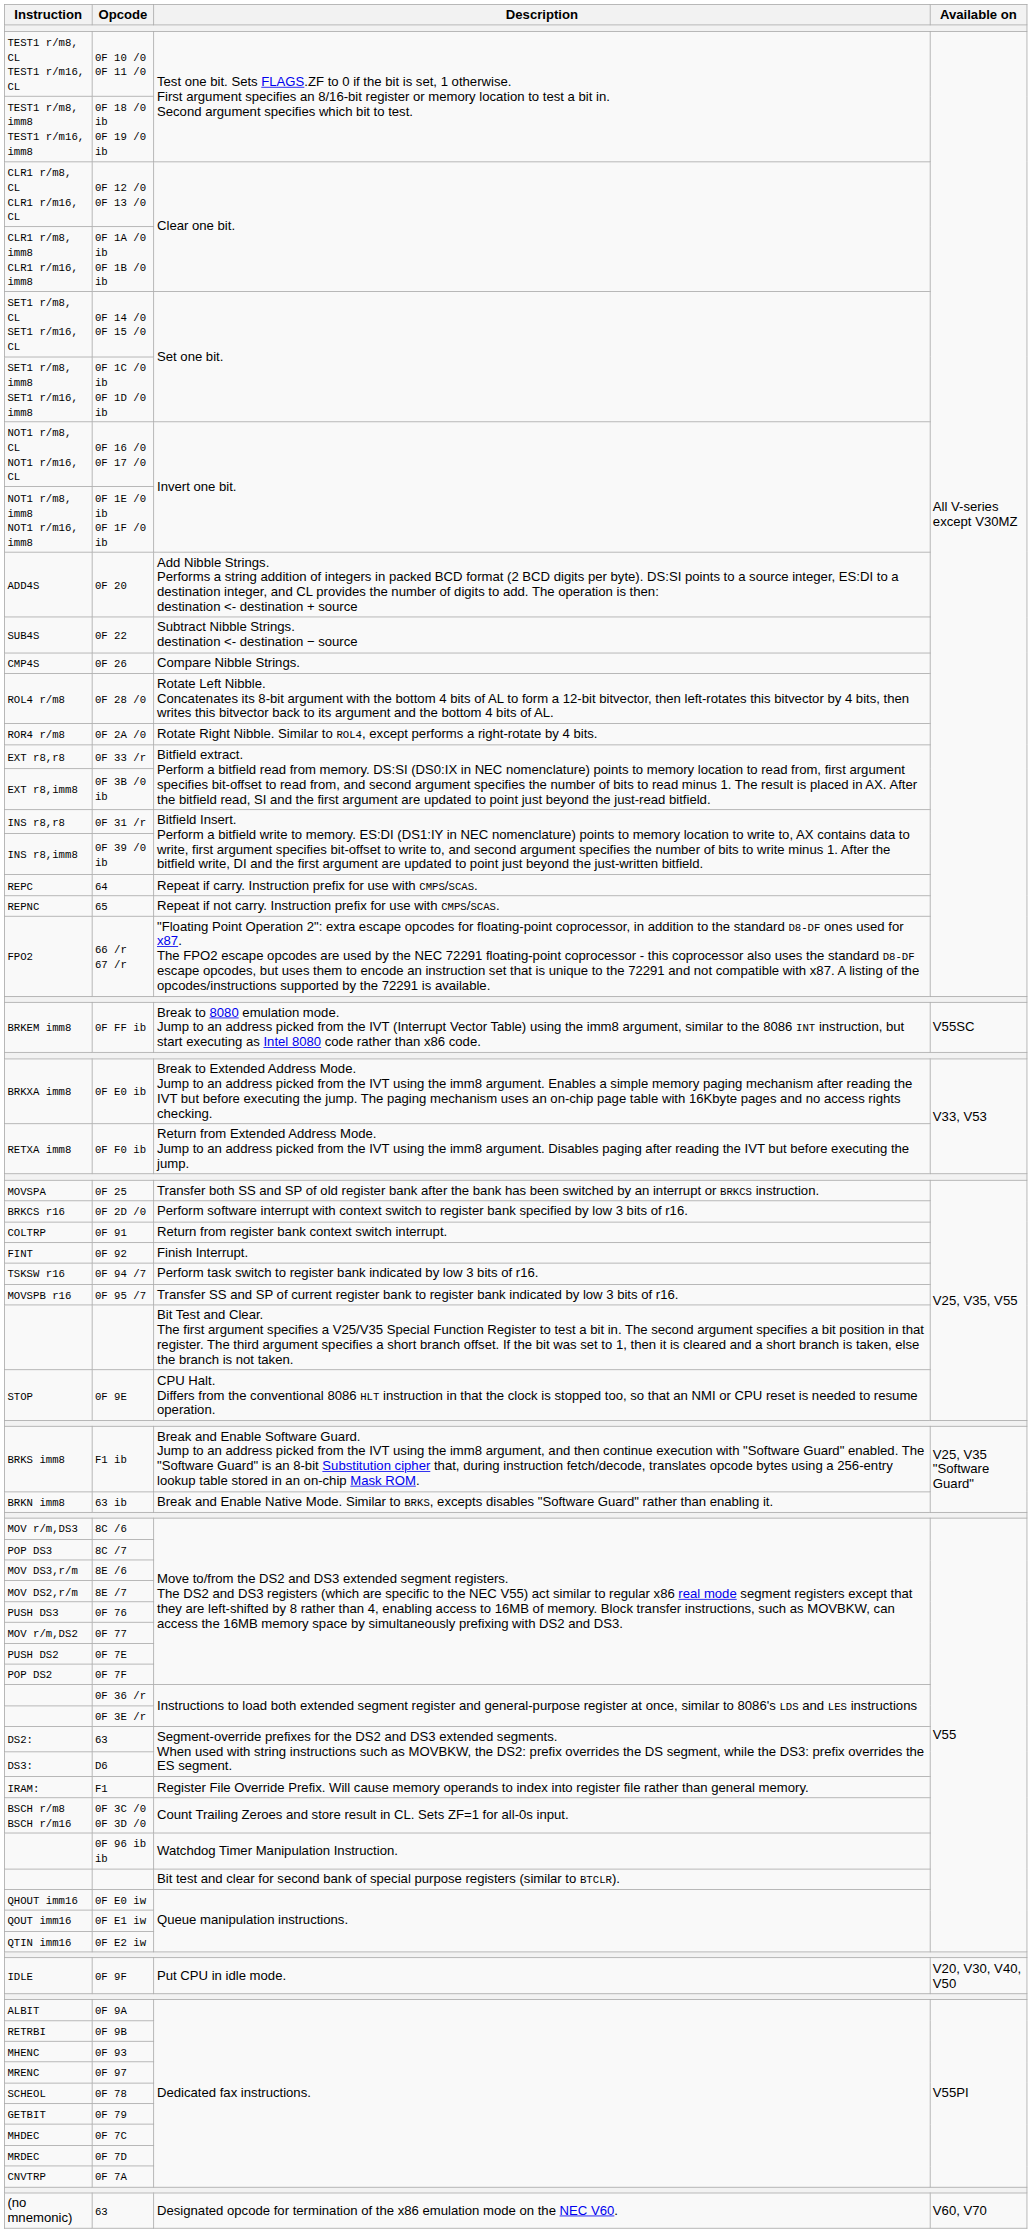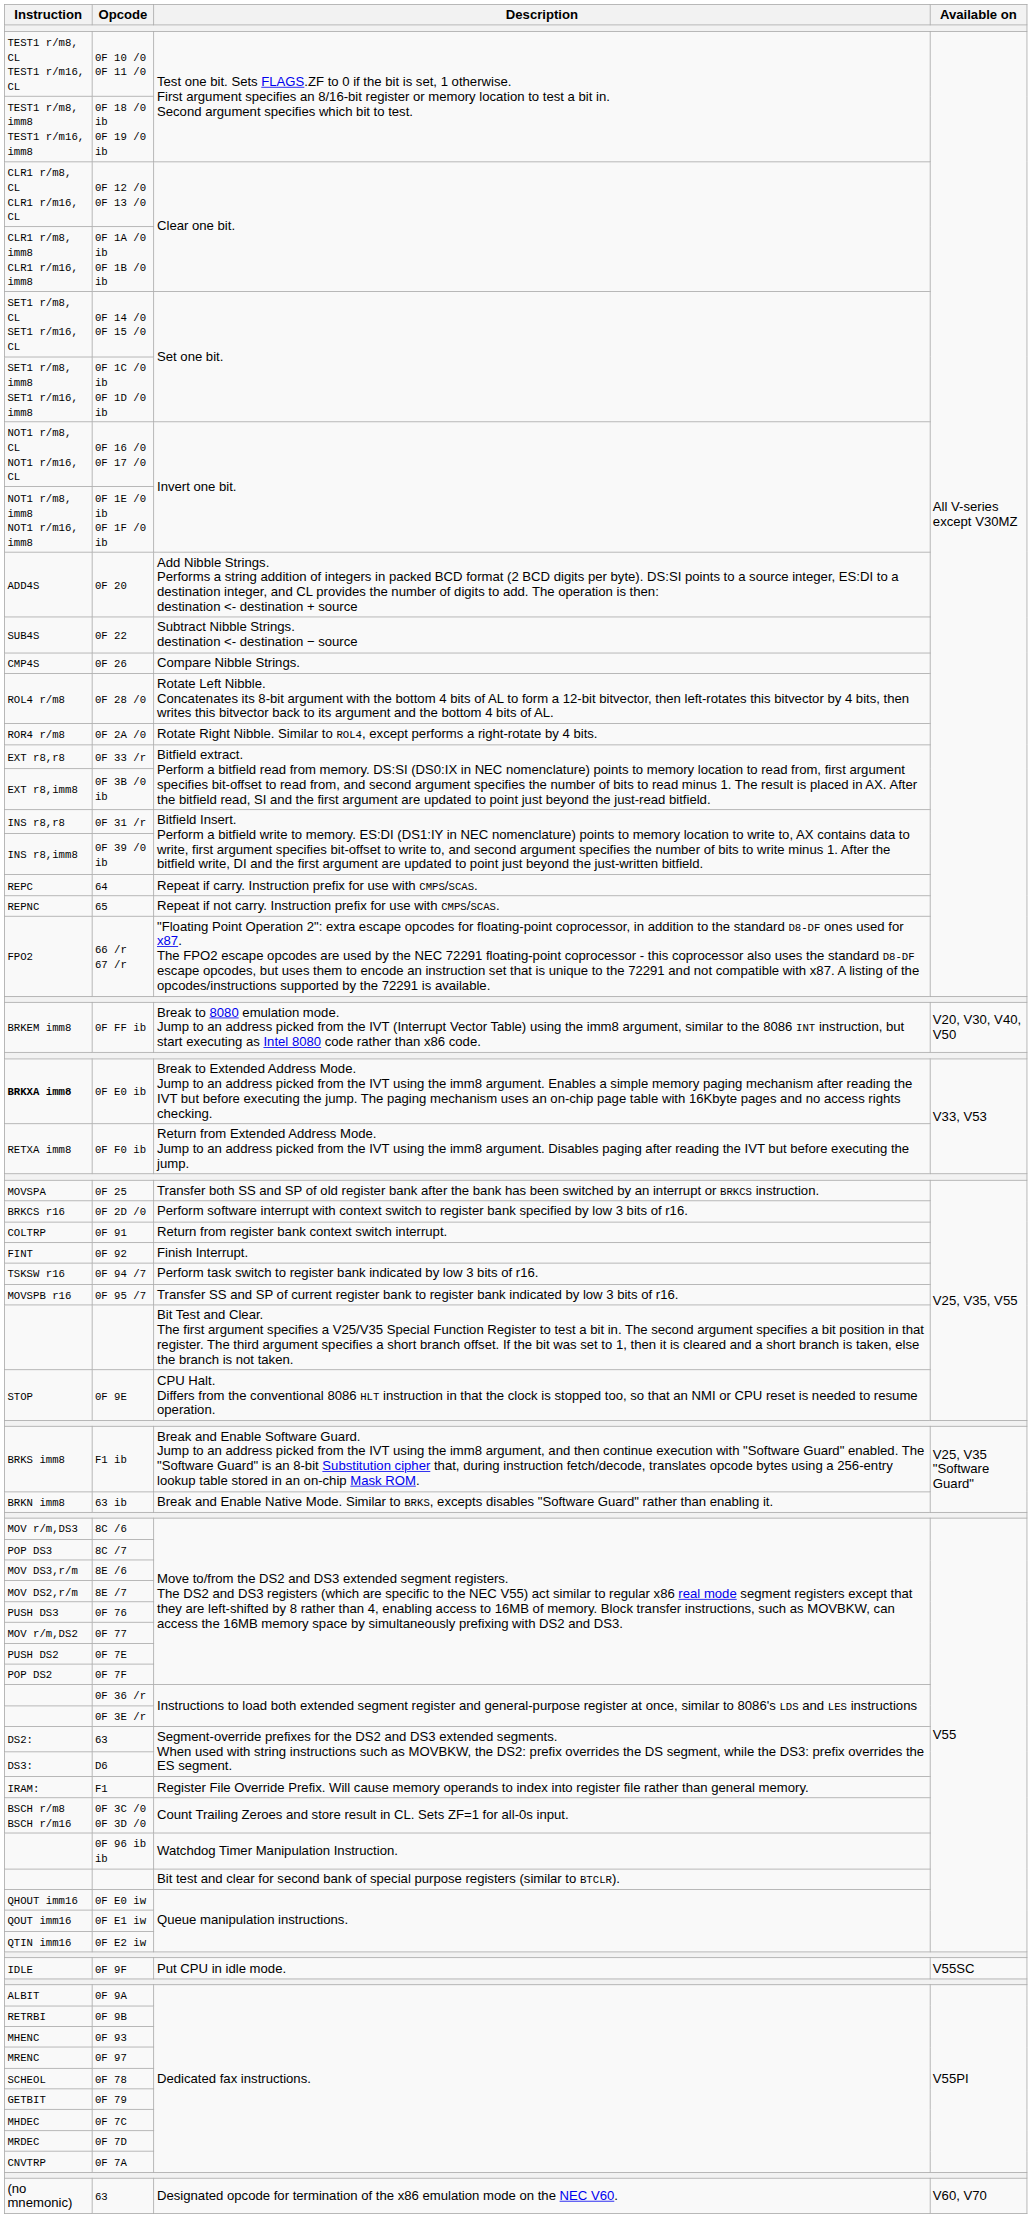 <table class="wikitable sticky-header">
 <tr>
 <th>Instruction</th>
 <th>Opcode</th>
 <th>Description</th>
 <th>Available on</th>
 </tr>
 <tr>
 <th colspan="4"></th>
 </tr>
 <tr>
 <td><code>TEST1 r/m8, CL</code><br><code>TEST1 r/m16, CL</code></td>
 <td><code>0F 10 /0</code><br><code>0F 11 /0</code></td>
 <td rowspan="2">Test one bit. Sets <a href='#'>FLAGS</a>.ZF to 0 if the bit is set, 1 otherwise.<br>First argument specifies an 8/16-bit register or memory location to test a bit in.<br>Second argument specifies which bit to test.</td>
 <td rowspan="20">All V-series except V30MZ</td>
 </tr>
 <tr>
 <td><code>TEST1 r/m8, imm8</code><br><code>TEST1 r/m16, imm8</code></td>
 <td><code>0F 18 /0 ib</code><br><code>0F 19 /0 ib</code></td>
 </tr>
 <tr>
 <td><code>CLR1 r/m8, CL</code><br><code>CLR1 r/m16, CL</code></td>
 <td><code>0F 12 /0</code><br><code>0F 13 /0</code></td>
 <td rowspan="2">Clear one bit.</td>
 </tr>
 <tr>
 <td><code>CLR1 r/m8, imm8</code><br><code>CLR1 r/m16, imm8</code></td>
 <td><code>0F 1A /0 ib</code><br><code>0F 1B /0 ib</code></td>
 </tr>
 <tr>
 <td><code>SET1 r/m8, CL</code><br><code>SET1 r/m16, CL</code></td>
 <td><code>0F 14 /0</code><br><code>0F 15 /0</code></td>
 <td rowspan="2">Set one bit.</td>
 </tr>
 <tr>
 <td><code>SET1 r/m8, imm8</code><br><code>SET1 r/m16, imm8</code></td>
 <td><code>0F 1C /0 ib</code><br><code>0F 1D /0 ib</code></td>
 </tr>
 <tr>
 <td><code>NOT1 r/m8, CL</code><br><code>NOT1 r/m16, CL</code></td>
 <td><code>0F 16 /0</code><br><code>0F 17 /0</code></td>
 <td rowspan="2">Invert one bit.</td>
 </tr>
 <tr>
 <td><code>NOT1 r/m8, imm8</code><br><code>NOT1 r/m16, imm8</code></td>
 <td><code>0F 1E /0 ib</code><br><code>0F 1F /0 ib</code></td>
 </tr>
 <tr>
 <td><code>ADD4S</code></td>
 <td><code>0F 20</code></td>
 <td>Add Nibble Strings.<br>Performs a string addition of integers in packed BCD format (2 BCD digits per byte). DS:SI points to a source integer, ES:DI to a destination integer, and CL provides the number of digits to add. The operation is then:<br>destination <- destination + source</td>
 </tr>
 <tr>
 <td><code>SUB4S</code></td>
 <td><code>0F 22</code></td>
 <td>Subtract Nibble Strings.<br>destination <- destination − source</td>
 </tr>
 <tr>
 <td><code>CMP4S</code></td>
 <td><code>0F 26</code></td>
 <td>Compare Nibble Strings.</td>
 </tr>
 <tr>
 <td><code>ROL4 r/m8</code></td>
 <td><code>0F 28 /0</code></td>
 <td>Rotate Left Nibble.<br>Concatenates its 8-bit argument with the bottom 4 bits of AL to form a 12-bit bitvector, then left-rotates this bitvector by 4 bits, then writes this bitvector back to its argument and the bottom 4 bits of AL.</td>
 </tr>
 <tr>
 <td><code>ROR4 r/m8</code></td>
 <td><code>0F 2A /0</code></td>
 <td>Rotate Right Nibble. Similar to <code>ROL4</code>, except performs a right-rotate by 4 bits.</td>
 </tr>
 <tr>
 <td><code>EXT r8,r8</code></td>
 <td><code>0F 33 /r</code></td>
 <td rowspan="2">Bitfield extract.<br>Perform a bitfield read from memory. DS:SI (DS0:IX in NEC nomenclature) points to memory location to read from, first argument specifies bit-offset to read from, and second argument specifies the number of bits to read minus 1. The result is placed in AX. After the bitfield read, SI and the first argument are updated to point just beyond the just-read bitfield.</td>
 </tr>
 <tr>
 <td><code>EXT r8,imm8</code></td>
 <td><code>0F 3B /0 ib</code></td>
 </tr>
 <tr>
 <td><code>INS r8,r8</code></td>
 <td><code>0F 31 /r</code></td>
 <td rowspan="2">Bitfield Insert.<br>Perform a bitfield write to memory. ES:DI (DS1:IY in NEC nomenclature) points to memory location to write to, AX contains data to write, first argument specifies bit-offset to write to, and second argument specifies the number of bits to write minus 1. After the bitfield write, DI and the first argument are updated to point just beyond the just-written bitfield.</td>
 </tr>
 <tr>
 <td><code>INS r8,imm8</code></td>
 <td><code>0F 39 /0 ib</code></td>
 </tr>
 <tr>
 <td><code>REPC</code></td>
 <td><code>64</code></td>
 <td>Repeat if carry. Instruction prefix for use with <code>CMPS</code>/<code>SCAS</code>.</td>
 </tr>
 <tr>
 <td><code>REPNC</code></td>
 <td><code>65</code></td>
 <td>Repeat if not carry. Instruction prefix for use with <code>CMPS</code>/<code>SCAS</code>.</td>
 </tr>
 <tr>
 <td><code>FPO2</code></td>
 <td><code>66 /r</code><br><code>67 /r</code></td>
 <td>"Floating Point Operation 2": extra escape opcodes for floating-point coprocessor, in addition to the standard <code>D8-DF</code> ones used for <a href='#'>x87</a>.<br>The FPO2 escape opcodes are used by the NEC 72291 floating-point coprocessor - this coprocessor also uses the standard <code>D8-DF</code> escape opcodes, but uses them to encode an instruction set that is unique to the 72291 and not compatible with x87. A listing of the opcodes/instructions supported by the 72291 is available.</td>
 </tr>
 <tr>
 <th colspan="4"></th>
 </tr>
 <tr>
 <td><code>BRKEM imm8</code></td>
 <td><code>0F FF ib</code></td>
 <td>Break to <a href='#'>8080</a> emulation mode.<br>Jump to an address picked from the IVT (Interrupt Vector Table) using the imm8 argument, similar to the 8086 <code>INT</code> instruction, but start executing as <a href='#'>Intel 8080</a> code rather than x86 code.</td>
-<td>V55SC</td>
+<td>V20, V30, V40, V50</td>
 </tr>
 <tr>
 <th colspan="4"></th>
 </tr>
 <tr>
-<td><code>BRKXA imm8</code></td>
+<td><strong><code>BRKXA imm8</code></strong></td>
 <td><code>0F E0 ib</code></td>
 <td>Break to Extended Address Mode.<br>Jump to an address picked from the IVT using the imm8 argument. Enables a simple memory paging mechanism after reading the IVT but before executing the jump. The paging mechanism uses an on-chip page table with 16Kbyte pages and no access rights checking.</td>
 <td rowspan="2">V33, V53</td>
 </tr>
 <tr>
 <td><code>RETXA imm8</code></td>
 <td><code>0F F0 ib</code></td>
 <td>Return from Extended Address Mode.<br>Jump to an address picked from the IVT using the imm8 argument. Disables paging after reading the IVT but before executing the jump.</td>
 </tr>
 <tr>
 <th colspan="4"></th>
 </tr>
 <tr>
 <td><code>MOVSPA</code></td>
 <td><code>0F 25</code></td>
 <td>Transfer both SS and SP of old register bank after the bank has been switched by an interrupt or <code>BRKCS</code> instruction.</td>
 <td rowspan="8">V25, V35, V55</td>
 </tr>
 <tr>
 <td><code>BRKCS r16</code></td>
 <td><code>0F 2D /0</code></td>
 <td>Perform software interrupt with context switch to register bank specified by low 3 bits of r16.</td>
 </tr>
 <tr>
 <td><code>COLTRP</code></td>
 <td><code>0F 91</code></td>
 <td>Return from register bank context switch interrupt.</td>
 </tr>
 <tr>
 <td><code>FINT</code></td>
 <td><code>0F 92</code></td>
 <td>Finish Interrupt.</td>
 </tr>
 <tr>
 <td><code>TSKSW r16</code></td>
 <td><code>0F 94 /7</code></td>
 <td>Perform task switch to register bank indicated by low 3 bits of r16.</td>
 </tr>
 <tr>
 <td><code>MOVSPB r16</code></td>
 <td><code>0F 95 /7</code></td>
 <td>Transfer SS and SP of current register bank to register bank indicated by low 3 bits of r16.</td>
 </tr>
 <tr>
 <td></td>
 <td></td>
 <td>Bit Test and Clear.<br>The first argument specifies a V25/V35 Special Function Register to test a bit in. The second argument specifies a bit position in that register. The third argument specifies a short branch offset. If the bit was set to 1, then it is cleared and a short branch is taken, else the branch is not taken.</td>
 </tr>
 <tr>
 <td><code>STOP</code></td>
 <td><code>0F 9E</code></td>
 <td>CPU Halt.<br>Differs from the conventional 8086 <code>HLT</code> instruction in that the clock is stopped too, so that an NMI or CPU reset is needed to resume operation.</td>
 </tr>
 <tr>
 <th colspan="4"></th>
 </tr>
 <tr>
 <td><code>BRKS imm8</code></td>
 <td><code>F1 ib</code></td>
 <td>Break and Enable Software Guard.<br>Jump to an address picked from the IVT using the imm8 argument, and then continue execution with "Software Guard" enabled. The "Software Guard" is an 8-bit <a href='#'>Substitution cipher</a> that, during instruction fetch/decode, translates opcode bytes using a 256-entry lookup table stored in an on-chip <a href='#'>Mask ROM</a>.</td>
 <td rowspan="2">V25, V35 "Software Guard"</td>
 </tr>
 <tr>
 <td><code>BRKN imm8</code></td>
 <td><code>63 ib</code></td>
 <td>Break and Enable Native Mode. Similar to <code>BRKS</code>, excepts disables "Software Guard" rather than enabling it.</td>
 </tr>
 <tr>
 <th colspan="4"></th>
 </tr>
 <tr>
 <td><code>MOV r/m,DS3</code></td>
 <td><code>8C /6</code></td>
 <td rowspan="8">Move to/from the DS2 and DS3 extended segment registers.<br>The DS2 and DS3 registers (which are specific to the NEC V55) act similar to regular x86 <a href='#'>real mode</a> segment registers except that they are left-shifted by 8 rather than 4, enabling access to 16MB of memory. Block transfer instructions, such as MOVBKW, can access the 16MB memory space by simultaneously prefixing with DS2 and DS3.</td>
 <td rowspan="19">V55</td>
 </tr>
 <tr>
 <td><code>POP DS3</code></td>
 <td><code>8C /7</code></td>
 </tr>
 <tr>
 <td><code>MOV DS3,r/m</code></td>
 <td><code>8E /6</code></td>
 </tr>
 <tr>
 <td><code>MOV DS2,r/m</code></td>
 <td><code>8E /7</code></td>
 </tr>
 <tr>
 <td><code>PUSH DS3</code></td>
 <td><code>0F 76</code></td>
 </tr>
 <tr>
 <td><code>MOV r/m,DS2</code></td>
 <td><code>0F 77</code></td>
 </tr>
 <tr>
 <td><code>PUSH DS2</code></td>
 <td><code>0F 7E</code></td>
 </tr>
 <tr>
 <td><code>POP DS2</code></td>
 <td><code>0F 7F</code></td>
 </tr>
 <tr>
 <td></td>
 <td><code>0F 36 /r</code></td>
 <td rowspan="2">Instructions to load both extended segment register and general-purpose register at once, similar to 8086's <code>LDS</code> and <code>LES</code> instructions</td>
 </tr>
 <tr>
 <td></td>
 <td><code>0F 3E /r</code></td>
 </tr>
 <tr>
 <td><code>DS2:</code></td>
 <td><code>63</code></td>
 <td rowspan="2">Segment-override prefixes for the DS2 and DS3 extended segments.<br>When used with string instructions such as MOVBKW, the DS2: prefix overrides the DS segment, while the DS3: prefix overrides the ES segment.</td>
 </tr>
 <tr>
 <td><code>DS3:</code></td>
 <td><code>D6</code></td>
 </tr>
 <tr>
 <td><code>IRAM:</code></td>
 <td><code>F1</code></td>
 <td>Register File Override Prefix. Will cause memory operands to index into register file rather than general memory.</td>
 </tr>
 <tr>
 <td><code>BSCH r/m8</code><br><code>BSCH r/m16</code></td>
 <td><code>0F 3C /0</code><br><code>0F 3D /0</code></td>
 <td>Count Trailing Zeroes and store result in CL. Sets ZF=1 for all-0s input.</td>
 </tr>
 <tr>
 <td></td>
 <td><code>0F 96 ib ib</code></td>
 <td>Watchdog Timer Manipulation Instruction.</td>
 </tr>
 <tr>
 <td></td>
 <td></td>
 <td>Bit test and clear for second bank of special purpose registers (similar to <code>BTCLR</code>).</td>
 </tr>
 <tr>
 <td><code>QHOUT imm16</code></td>
 <td><code>0F E0 iw</code></td>
 <td rowspan="3">Queue manipulation instructions.</td>
 </tr>
 <tr>
 <td><code>QOUT imm16</code></td>
 <td><code>0F E1 iw</code></td>
 </tr>
 <tr>
 <td><code>QTIN imm16</code></td>
 <td><code>0F E2 iw</code></td>
 </tr>
 <tr>
 <th colspan="4"></th>
 </tr>
 <tr>
 <td><code>IDLE</code></td>
 <td><code>0F 9F</code></td>
 <td>Put CPU in idle mode.</td>
-<td>V20, V30, V40, V50</td>
+<td>V55SC</td>
 </tr>
 <tr>
 <th colspan="4"></th>
 </tr>
 <tr>
 <td><code>ALBIT</code></td>
 <td><code>0F 9A</code></td>
 <td rowspan="9">Dedicated fax instructions.</td>
 <td rowspan="9">V55PI</td>
 </tr>
 <tr>
 <td><code>RETRBI</code></td>
 <td><code>0F 9B</code></td>
 </tr>
 <tr>
 <td><code>MHENC</code></td>
 <td><code>0F 93</code></td>
 </tr>
 <tr>
 <td><code>MRENC</code></td>
 <td><code>0F 97</code></td>
 </tr>
 <tr>
 <td><code>SCHEOL</code></td>
 <td><code>0F 78</code></td>
 </tr>
 <tr>
 <td><code>GETBIT</code></td>
 <td><code>0F 79</code></td>
 </tr>
 <tr>
 <td><code>MHDEC</code></td>
 <td><code>0F 7C</code></td>
 </tr>
 <tr>
 <td><code>MRDEC</code></td>
 <td><code>0F 7D</code></td>
 </tr>
 <tr>
 <td><code>CNVTRP</code></td>
 <td><code>0F 7A</code></td>
 </tr>
 <tr>
 <th colspan="4"></th>
 </tr>
 <tr>
 <td>(no mnemonic)</td>
 <td><code>63</code></td>
 <td>Designated opcode for termination of the x86 emulation mode on the <a href='#'>NEC V60</a>.</td>
 <td>V60, V70</td>
 </tr>
 </table>
